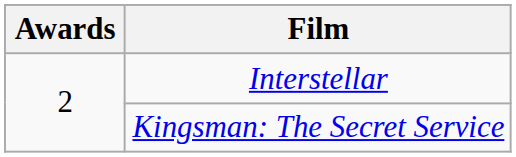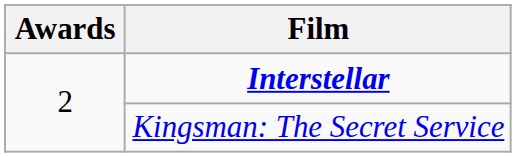 <table class="wikitable" style="text-align:center;">
 <tr>
 <th scope="col" width="55">Awards</th>
 <th scope="col">Film</th>
 </tr>
 <tr>
 <td rowspan=2>2</td>
-<td><em><a href='#'>Interstellar</a></em></td>
+<td><strong><em><a href='#'>Interstellar</a></em></strong></td>
 </tr>
 <tr>
 <td><em><a href='#'>Kingsman: The Secret Service</a></em></td>
 </tr>
 </table>
